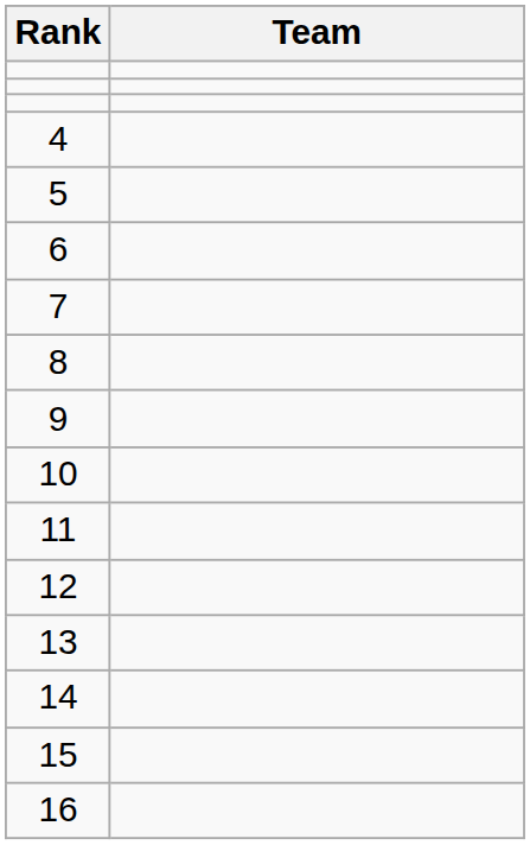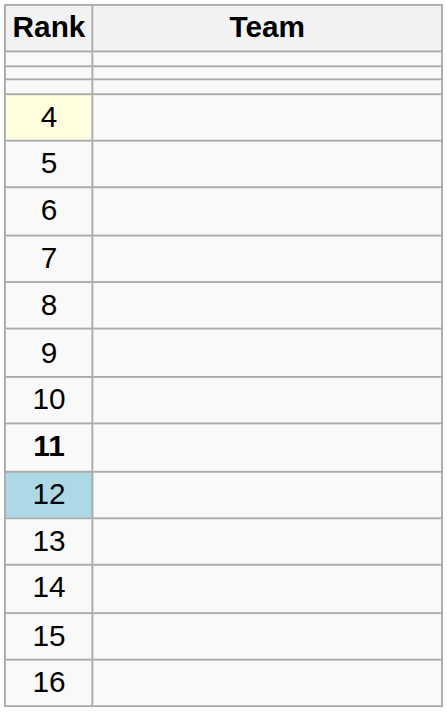 <table class="wikitable">
 <tr>
 <th style="width: 40px;">Rank</th>
 <th style="width: 180px;">Team</th>
 </tr>
 <tr>
 <td style="text-align: center;"></td>
 <td></td>
 </tr>
 <tr>
 <td style="text-align: center;"></td>
 <td></td>
 </tr>
 <tr>
 <td style="text-align: center;"></td>
 <td></td>
 </tr>
 <tr>
-<td style="text-align: center;">4</td>
+<td style="background: lightyellow; text-align: center;">4</td>
 <td></td>
 </tr>
 <tr>
 <td style="text-align: center;">5</td>
 <td></td>
 </tr>
 <tr>
 <td style="text-align: center;">6</td>
 <td></td>
 </tr>
 <tr>
 <td style="text-align: center;">7</td>
 <td></td>
 </tr>
 <tr>
 <td style="text-align: center;">8</td>
 <td></td>
 </tr>
 <tr>
 <td style="text-align: center;">9</td>
 <td></td>
 </tr>
 <tr>
 <td style="text-align: center;">10</td>
 <td></td>
 </tr>
 <tr>
-<td style="text-align: center;">11</td>
+<td style="text-align: center;"><strong>11</strong></td>
 <td></td>
 </tr>
 <tr>
-<td style="text-align: center;">12</td>
+<td style="background: lightblue; text-align: center;">12</td>
 <td></td>
 </tr>
 <tr>
 <td style="text-align: center;">13</td>
 <td></td>
 </tr>
 <tr>
 <td style="text-align: center;">14</td>
 <td></td>
 </tr>
 <tr>
 <td style="text-align: center;">15</td>
 <td></td>
 </tr>
 <tr>
 <td style="text-align: center;">16</td>
 <td></td>
 </tr>
 </table>
